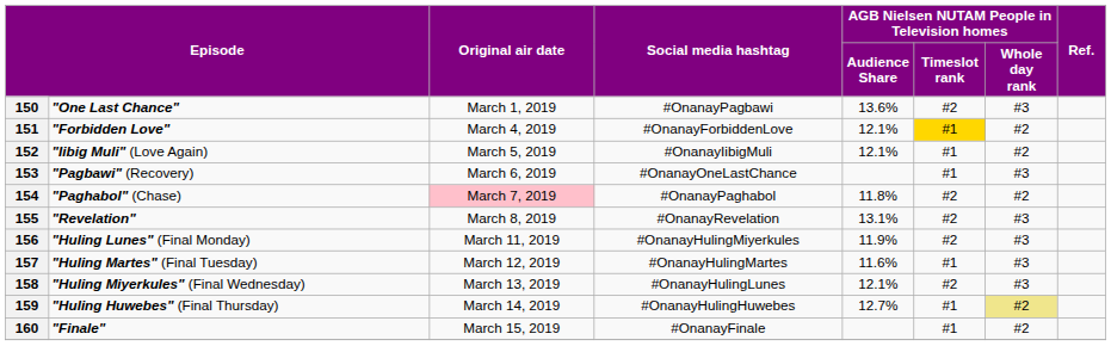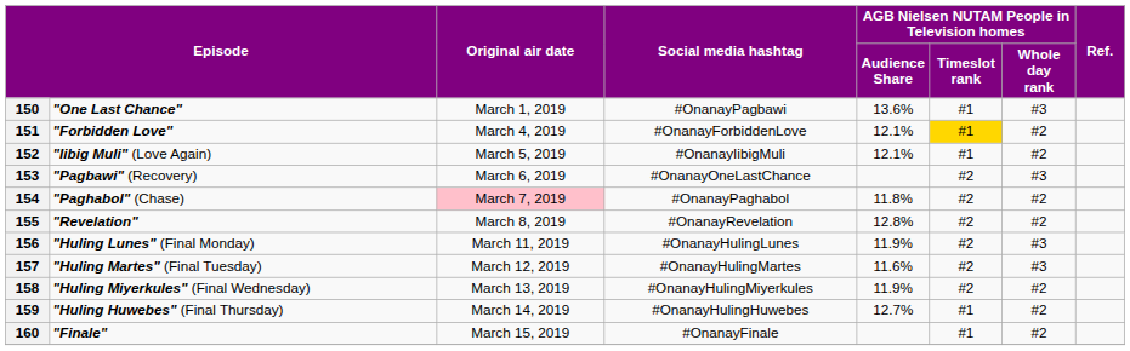 <table class="wikitable" style="text-align:center; font-size:100%; line-height:18px;" width="100%">
 <tr>
 <th style="background-color:#800080; color:#ffffff;" colspan="2" rowspan="2">Episode</th>
 <th style="background-color:#800080; color:white" rowspan="2">Original air date</th>
 <th style="background-color:#800080; color:white" rowspan="2">Social media hashtag</th>
 <th style="background-color:#800080; color:#ffffff;" colspan="3">AGB Nielsen NUTAM People in Television homes</th>
 <th style="background-color:#800080; color:#ffffff;" rowspan="2">Ref.</th>
 </tr>
 <tr>
 <th style="background-color:#800080; width:75px; color:#ffffff;">Audience Share</th>
 <th style="background-color:#800080; width:75px; color:#ffffff;">Timeslot<br>rank</th>
 <th style="background-color:#800080; width:75px; color:#ffffff;">Whole day<br>rank</th>
 </tr>
 <tr>
 <th>150</th>
 <td style="text-align: left;"><strong><em>"One Last Chance"</em></strong></td>
 <td>March 1, 2019</td>
 <td>#OnanayPagbawi</td>
 <td>13.6%</td>
-<td>#2</td>
+<td>#1</td>
 <td>#3</td>
 <td></td>
 </tr>
 <tr>
 <th>151</th>
 <td style="text-align: left;"><strong><em>"Forbidden Love"</em></strong></td>
 <td>March 4, 2019</td>
 <td>#OnanayForbiddenLove</td>
 <td>12.1%</td>
 <td style="background: gold;">#1</td>
 <td>#2</td>
 <td></td>
 </tr>
 <tr>
 <th>152</th>
 <td style="text-align: left;"><strong><em>"Iibig Muli"</em></strong> (Love Again)</td>
 <td>March 5, 2019</td>
 <td>#OnanayIibigMuli</td>
 <td>12.1%</td>
 <td>#1</td>
 <td>#2</td>
 <td></td>
 </tr>
 <tr>
 <th>153</th>
 <td style="text-align: left;"><strong><em>"Pagbawi"</em></strong> (Recovery)</td>
 <td>March 6, 2019</td>
 <td>#OnanayOneLastChance</td>
 <td></td>
-<td>#1</td>
+<td>#2</td>
 <td>#3</td>
 <td></td>
 </tr>
 <tr>
 <th>154</th>
 <td style="text-align: left;"><strong><em>"Paghabol"</em></strong> (Chase)</td>
 <td style="background: pink;">March 7, 2019</td>
 <td>#OnanayPaghabol</td>
 <td>11.8%</td>
 <td>#2</td>
 <td>#2</td>
 <td></td>
 </tr>
 <tr>
 <th>155</th>
 <td style="text-align: left;"><strong><em>"Revelation"</em></strong></td>
 <td>March 8, 2019</td>
 <td>#OnanayRevelation</td>
-<td>13.1%</td>
+<td>12.8%</td>
 <td>#2</td>
-<td>#3</td>
+<td>#2</td>
 <td></td>
 </tr>
 <tr>
 <th>156</th>
 <td style="text-align: left;"><strong><em>"Huling Lunes"</em></strong> (Final Monday)</td>
 <td>March 11, 2019</td>
-<td>#OnanayHulingMiyerkules</td>
+<td>#OnanayHulingLunes</td>
 <td>11.9%</td>
 <td>#2</td>
 <td>#3</td>
 <td></td>
 </tr>
 <tr>
 <th>157</th>
 <td style="text-align: left;"><strong><em>"Huling Martes"</em></strong> (Final Tuesday)</td>
 <td>March 12, 2019</td>
 <td>#OnanayHulingMartes</td>
 <td>11.6%</td>
-<td>#1</td>
+<td>#2</td>
 <td>#3</td>
 <td></td>
 </tr>
 <tr>
 <th>158</th>
 <td style="text-align: left;"><strong><em>"Huling Miyerkules"</em></strong> (Final Wednesday)</td>
 <td>March 13, 2019</td>
-<td>#OnanayHulingLunes</td>
-<td>12.1%</td>
+<td>#OnanayHulingMiyerkules</td>
+<td>11.9%</td>
 <td>#2</td>
-<td>#3</td>
+<td>#2</td>
 <td></td>
 </tr>
 <tr>
 <th>159</th>
 <td style="text-align: left;"><strong><em>"Huling Huwebes"</em></strong> (Final Thursday)</td>
 <td>March 14, 2019</td>
 <td>#OnanayHulingHuwebes</td>
 <td>12.7%</td>
 <td>#1</td>
-<td style="background: khaki;">#2</td>
+<td>#2</td>
 <td></td>
 </tr>
 <tr>
 <th>160</th>
 <td style="text-align: left;"><strong><em>"Finale"</em></strong></td>
 <td>March 15, 2019</td>
 <td>#OnanayFinale</td>
 <td></td>
 <td>#1</td>
 <td>#2</td>
 <td></td>
 </tr>
 <tr>
 </tr>
 </table>
